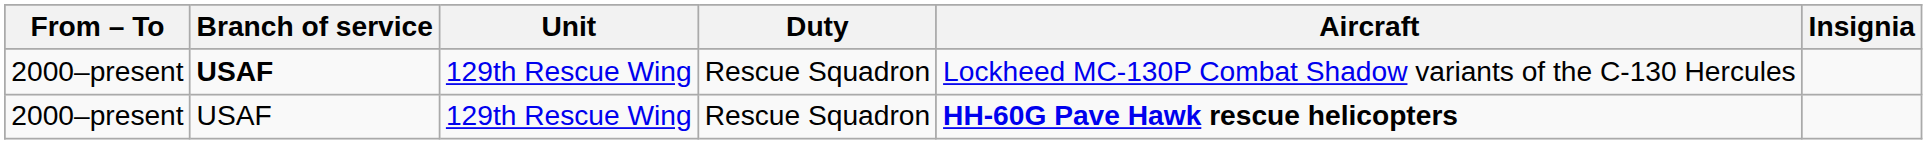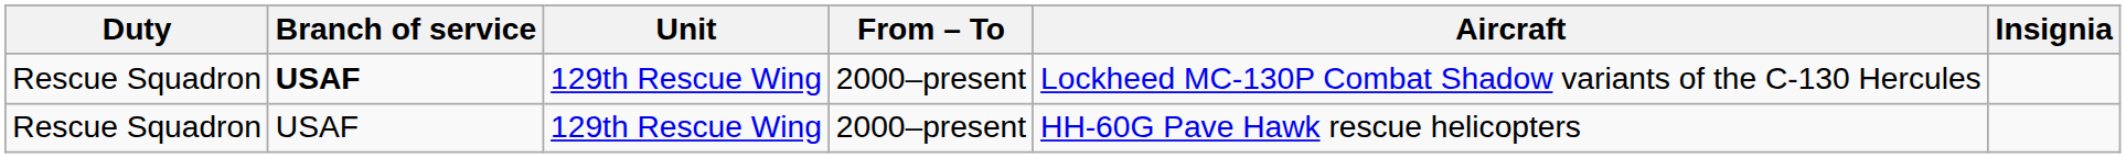 <table class="wikitable">
 <tr>
-<th>From – To</th>
+<th>Duty</th>
 <th>Branch of service</th>
 <th>Unit</th>
-<th>Duty</th>
+<th>From – To</th>
 <th>Aircraft</th>
 <th>Insignia</th>
 </tr>
 <tr>
-<td>2000–present</td>
+<td>Rescue Squadron</td>
 <td><strong>USAF</strong></td>
 <td><a href='#'>129th Rescue Wing</a></td>
-<td>Rescue Squadron</td>
+<td>2000–present</td>
 <td><a href='#'>Lockheed MC-130P Combat Shadow</a> variants of the C-130 Hercules</td>
 <td></td>
 </tr>
 <tr>
-<td>2000–present</td>
+<td>Rescue Squadron</td>
 <td>USAF</td>
 <td><a href='#'>129th Rescue Wing</a></td>
-<td>Rescue Squadron</td>
-<td><strong><a href='#'>HH-60G Pave Hawk</a> rescue helicopters</strong></td>
+<td>2000–present</td>
+<td><a href='#'>HH-60G Pave Hawk</a> rescue helicopters</td>
 <td></td>
 </tr>
 </table>
